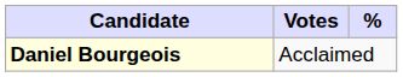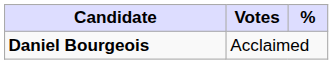 <table class="wikitable">
 <tr>
 <th style="background:#ddf; width:200px;">Candidate</th>
 <th style="background:#ddf; width:50px;">Votes</th>
 <th style="background:#ddf; width:30px;">%</th>
 </tr>
 <tr>
-<td style="background: lightyellow;"><strong>Daniel Bourgeois</strong></td>
+<td><strong>Daniel Bourgeois</strong></td>
 <td colspan="2">Acclaimed</td>
 </tr>
 </table>
